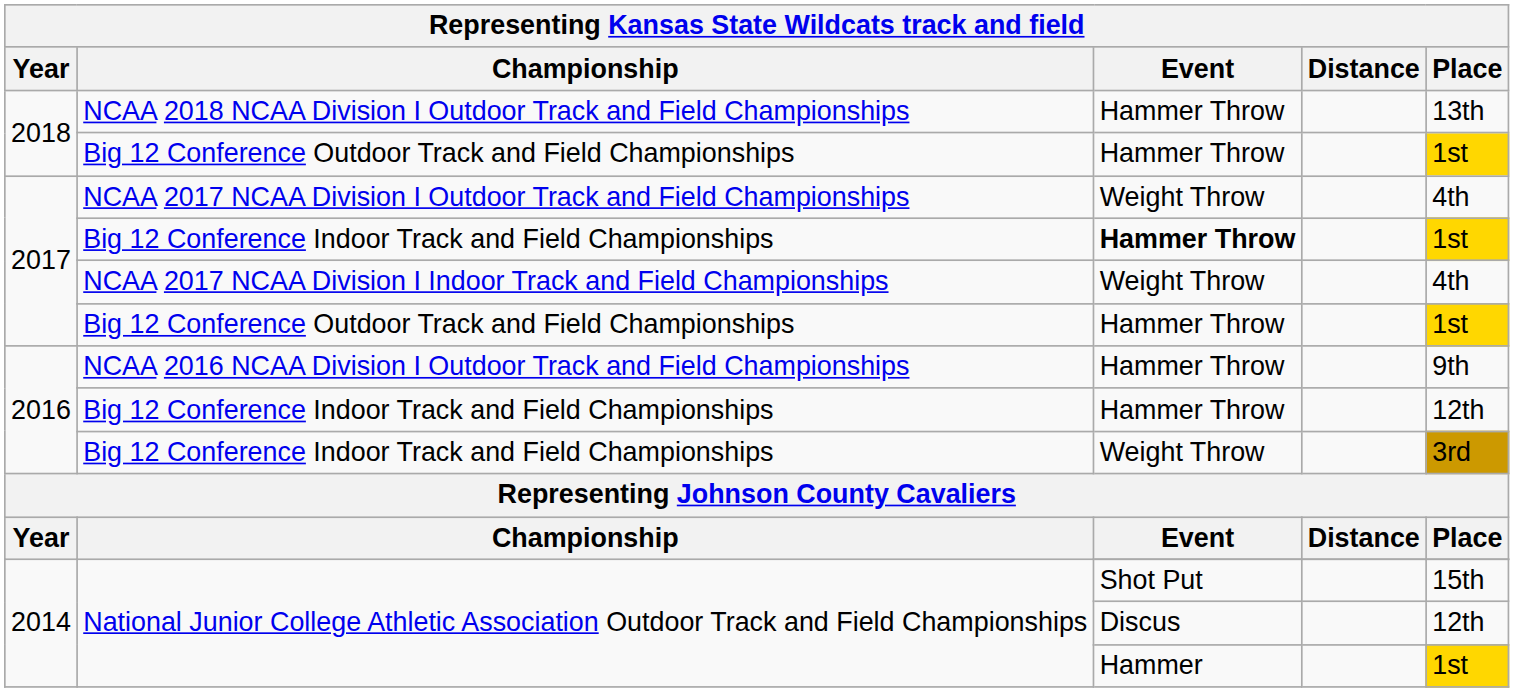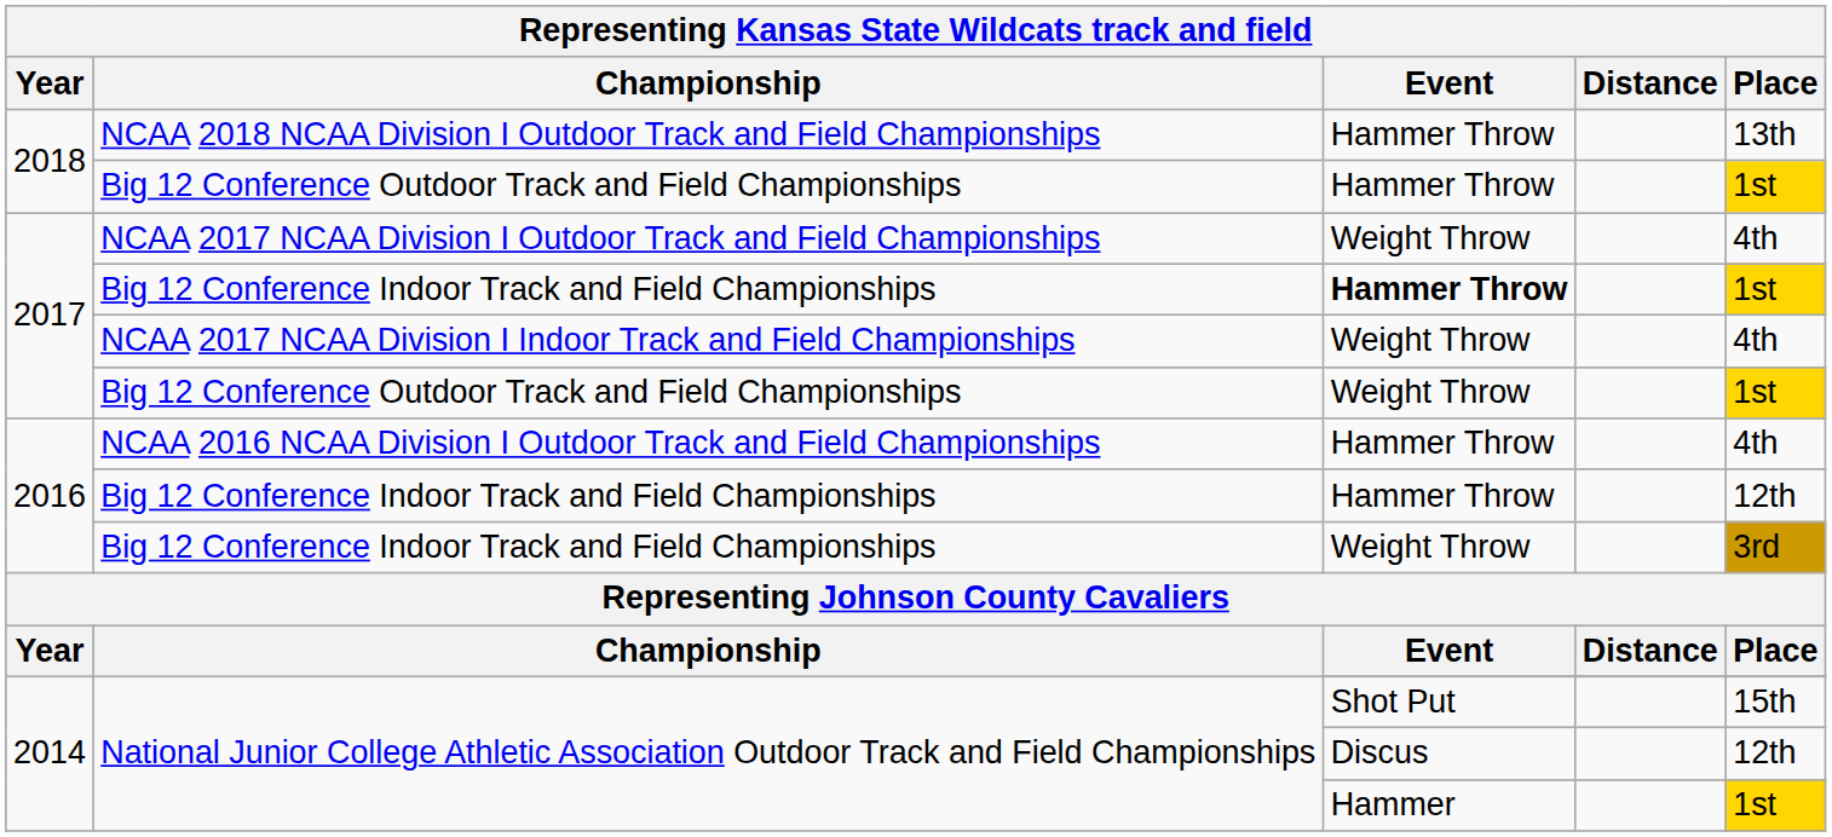 <table class="wikitable sortable">
 <tr>
 <th colspan="7">Representing <a href='#'>Kansas State Wildcats track and field</a></th>
 </tr>
 <tr>
 <th>Year</th>
 <th>Championship</th>
 <th>Event</th>
 <th>Distance</th>
 <th>Place</th>
 </tr>
 <tr>
 <td rowspan=2>2018</td>
 <td><a href='#'>NCAA</a> <a href='#'>2018 NCAA Division I Outdoor Track and Field Championships</a></td>
 <td>Hammer Throw</td>
 <td></td>
 <td>13th</td>
 </tr>
 <tr>
 <td><a href='#'>Big 12 Conference</a> Outdoor Track and Field Championships</td>
 <td>Hammer Throw</td>
 <td></td>
 <td bgcolor=gold>1st</td>
 </tr>
 <tr>
 <td rowspan=4>2017</td>
 <td><a href='#'>NCAA</a> <a href='#'>2017 NCAA Division I Outdoor Track and Field Championships</a></td>
 <td>Weight Throw</td>
 <td></td>
 <td>4th</td>
 </tr>
 <tr>
 <td><a href='#'>Big 12 Conference</a> Indoor Track and Field Championships</td>
 <td><strong>Hammer Throw</strong></td>
 <td></td>
 <td bgcolor=gold>1st</td>
 </tr>
 <tr>
 <td><a href='#'>NCAA</a> <a href='#'>2017 NCAA Division I Indoor Track and Field Championships</a></td>
 <td>Weight Throw</td>
 <td></td>
 <td>4th</td>
 </tr>
 <tr>
 <td><a href='#'>Big 12 Conference</a> Outdoor Track and Field Championships</td>
-<td>Hammer Throw</td>
+<td>Weight Throw</td>
 <td></td>
 <td bgcolor=gold>1st</td>
 </tr>
 <tr>
 <td rowspan=3>2016</td>
 <td><a href='#'>NCAA</a> <a href='#'>2016 NCAA Division I Outdoor Track and Field Championships</a></td>
 <td>Hammer Throw</td>
 <td></td>
-<td>9th</td>
+<td>4th</td>
 </tr>
 <tr>
 <td><a href='#'>Big 12 Conference</a> Indoor Track and Field Championships</td>
 <td>Hammer Throw</td>
 <td></td>
 <td>12th</td>
 </tr>
 <tr>
 <td><a href='#'>Big 12 Conference</a> Indoor Track and Field Championships</td>
 <td>Weight Throw</td>
 <td></td>
 <td bgcolor=cc9900>3rd</td>
 </tr>
 <tr>
 <th colspan="7">Representing <a href='#'>Johnson County Cavaliers</a></th>
 </tr>
 <tr>
 <th>Year</th>
 <th>Championship</th>
 <th>Event</th>
 <th>Distance</th>
 <th>Place</th>
 </tr>
 <tr>
 <td rowspan=4>2014</td>
 <td rowspan=4><a href='#'>National Junior College Athletic Association</a> Outdoor Track and Field Championships</td>
 </tr>
 <tr>
 <td>Shot Put</td>
 <td></td>
 <td>15th</td>
 </tr>
 <tr>
 <td>Discus</td>
 <td></td>
 <td>12th</td>
 </tr>
 <tr>
 <td>Hammer</td>
 <td></td>
 <td bgcolor=gold>1st</td>
 </tr>
 </table>
